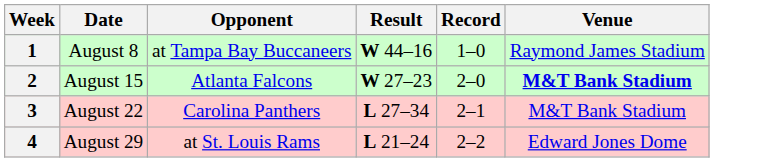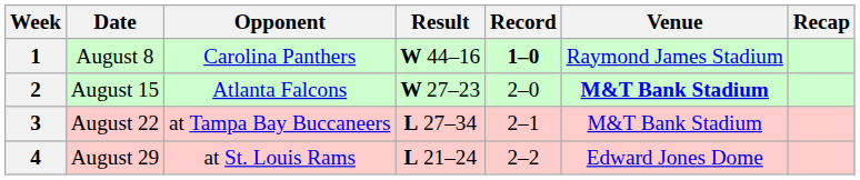 <table class="wikitable" style="text-align:center">
 <tr>
 <th>Week</th>
 <th>Date</th>
 <th>Opponent</th>
 <th>Result</th>
 <th>Record</th>
 <th>Venue</th>
+<th>Recap</th>
 </tr>
 <tr style="background:#cfc">
 <th>1</th>
 <td>August 8</td>
-<td>at <a href='#'>Tampa Bay Buccaneers</a></td>
+<td><a href='#'>Carolina Panthers</a></td>
 <td><strong>W</strong> 44–16</td>
-<td>1–0</td>
+<td><strong>1–0</strong></td>
 <td><a href='#'>Raymond James Stadium</a></td>
+<td></td>
 </tr>
 <tr style="background:#cfc">
 <th>2</th>
 <td>August 15</td>
 <td><a href='#'>Atlanta Falcons</a></td>
 <td><strong>W </strong>27–23</td>
 <td>2–0</td>
 <td><strong><a href='#'>M&T Bank Stadium</a></strong></td>
+<td></td>
 </tr>
 <tr style="background:#fcc">
 <th>3</th>
 <td>August 22</td>
-<td><a href='#'>Carolina Panthers</a></td>
+<td>at <a href='#'>Tampa Bay Buccaneers</a></td>
 <td><strong>L</strong> 27–34</td>
 <td>2–1</td>
 <td><a href='#'>M&T Bank Stadium</a></td>
+<td></td>
 </tr>
 <tr style="background:#fcc">
 <th>4</th>
 <td>August 29</td>
 <td>at <a href='#'>St. Louis Rams</a></td>
 <td><strong>L</strong> 21–24</td>
 <td>2–2</td>
 <td><a href='#'>Edward Jones Dome</a></td>
+<td></td>
 </tr>
 </table>
